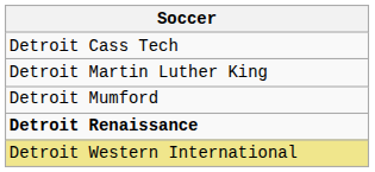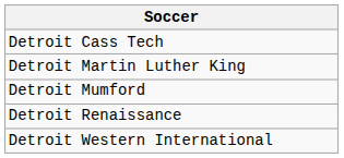 <table class="wikitable collapsible collapsed" style="width:22em">
 <tr>
 <th align=center>Soccer</th>
 </tr>
 <tr>
 <td>Detroit Cass Tech</td>
 </tr>
 <tr>
 <td>Detroit Martin Luther King</td>
 </tr>
 <tr>
 <td>Detroit Mumford</td>
 </tr>
 <tr>
-<td><strong>Detroit Renaissance</strong></td>
+<td>Detroit Renaissance</td>
 </tr>
 <tr>
-<td style="background: khaki;">Detroit Western International</td>
+<td>Detroit Western International</td>
 </tr>
 </table>
